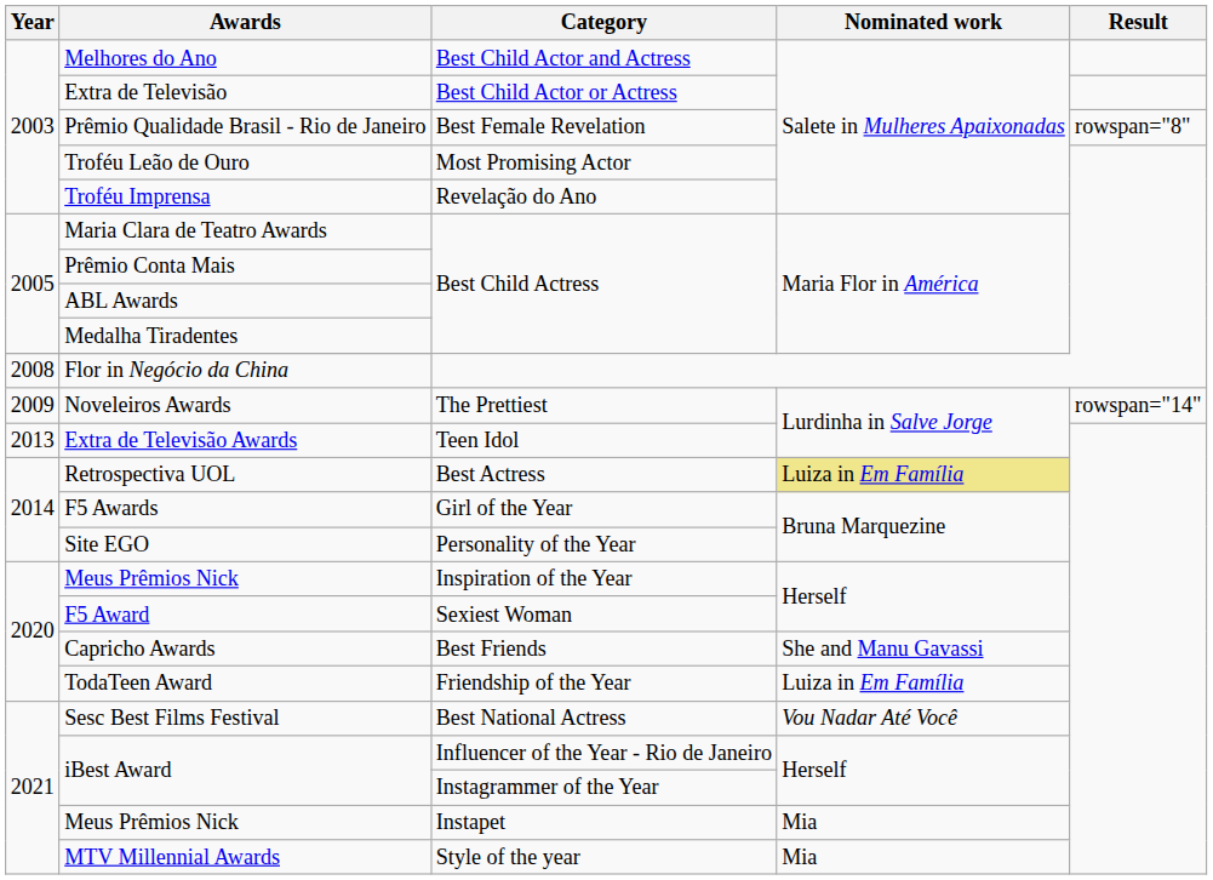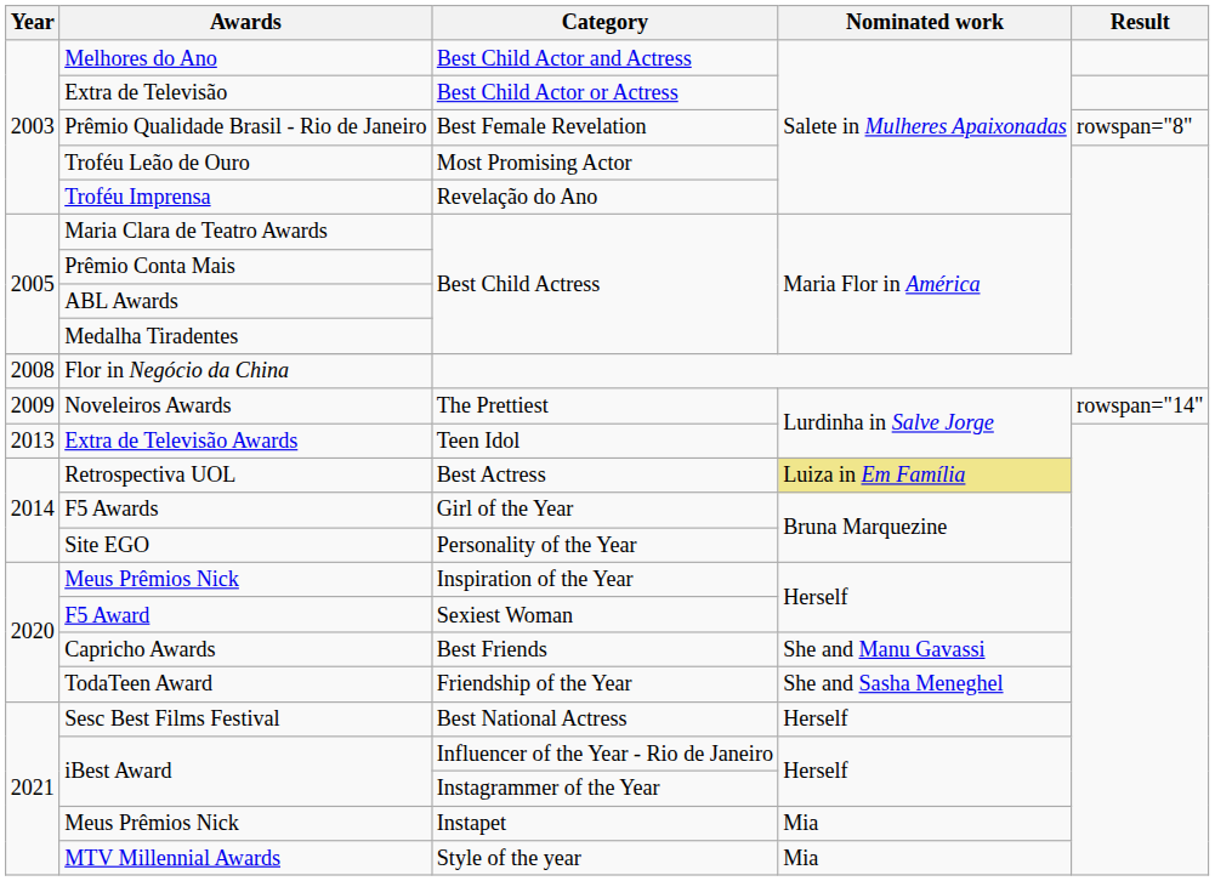 <table class="wikitable">
 <tr>
 <th>Year</th>
 <th>Awards</th>
 <th>Category</th>
 <th>Nominated work</th>
 <th>Result</th>
 </tr>
 <tr>
 <td rowspan=5>2003</td>
 <td><a href='#'>Melhores do Ano</a></td>
 <td><a href='#'>Best Child Actor and Actress</a></td>
 <td rowspan="5">Salete in <em><a href='#'>Mulheres Apaixonadas</a></em></td>
 <td></td>
 </tr>
 <tr>
 <td>Extra de Televisão</td>
 <td><a href='#'>Best Child Actor or Actress</a></td>
 <td></td>
 </tr>
 <tr>
 <td>Prêmio Qualidade Brasil - Rio de Janeiro</td>
 <td>Best Female Revelation</td>
 <td>rowspan="8" </td>
 </tr>
 <tr>
 <td>Troféu Leão de Ouro</td>
 <td>Most Promising Actor</td>
 </tr>
 <tr>
 <td><a href='#'>Troféu Imprensa</a></td>
 <td>Revelação do Ano</td>
 </tr>
 <tr>
 <td rowspan="4">2005</td>
 <td>Maria Clara de Teatro Awards</td>
 <td rowspan="5">Best Child Actress</td>
 <td rowspan="4">Maria Flor in <em><a href='#'>América</a></em></td>
 </tr>
 <tr>
 <td>Prêmio Conta Mais</td>
 </tr>
 <tr>
 <td>ABL Awards</td>
 </tr>
 <tr>
 <td>Medalha Tiradentes</td>
 </tr>
 <tr>
 </tr>
 <tr>
 <td>2008</td>
 <td>Flor in <em>Negócio da China</em></td>
 </tr>
 <tr>
 <td>2009</td>
 <td>Noveleiros Awards</td>
 <td>The Prettiest</td>
 <td rowspan="2">Lurdinha in <em><a href='#'>Salve Jorge</a></em></td>
 <td>rowspan="14" </td>
 </tr>
 <tr>
 <td>2013</td>
 <td><a href='#'>Extra de Televisão Awards</a></td>
 <td>Teen Idol</td>
 </tr>
 <tr>
 <td rowspan="3">2014</td>
 <td>Retrospectiva UOL</td>
 <td>Best Actress</td>
 <td rowspan="1" style="background: khaki;">Luiza in <em><a href='#'>Em Família</a></em></td>
 </tr>
 <tr>
 <td>F5 Awards</td>
 <td>Girl of the Year</td>
 <td rowspan="2">Bruna Marquezine</td>
 </tr>
 <tr>
 <td>Site EGO</td>
 <td>Personality of the Year</td>
 </tr>
 <tr>
 <td rowspan="4">2020</td>
 <td><a href='#'>Meus Prêmios Nick</a></td>
 <td>Inspiration of the Year</td>
 <td rowspan="2">Herself</td>
 </tr>
 <tr>
 <td><a href='#'>F5 Award</a></td>
 <td>Sexiest Woman</td>
 </tr>
 <tr>
 <td>Capricho Awards</td>
 <td>Best Friends</td>
 <td>She and <a href='#'>Manu Gavassi</a></td>
 </tr>
 <tr>
 <td>TodaTeen Award</td>
 <td>Friendship of the Year</td>
-<td rowspan="1">Luiza in <em><a href='#'>Em Família</a></em></td>
+<td>She and <a href='#'>Sasha Meneghel</a></td>
 </tr>
 <tr>
 <td rowspan="5">2021</td>
 <td>Sesc Best Films Festival</td>
 <td>Best National Actress</td>
-<td><em>Vou Nadar Até Você</em></td>
+<td>Herself</td>
 </tr>
 <tr>
 <td rowspan="2">iBest Award</td>
 <td>Influencer of the Year - Rio de Janeiro</td>
 <td rowspan="2">Herself</td>
 </tr>
 <tr>
 <td>Instagrammer of the Year</td>
 </tr>
 <tr>
 <td>Meus Prêmios Nick</td>
 <td>Instapet</td>
 <td>Mia</td>
 </tr>
 <tr>
 <td><a href='#'>MTV Millennial Awards</a></td>
 <td>Style of the year</td>
 <td>Mia</td>
 </tr>
 </table>
